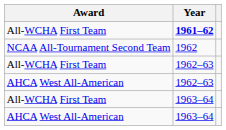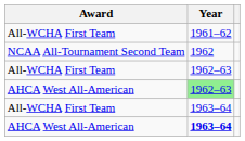 <table class="wikitable">
 <tr>
 <th>Award</th>
 <th>Year</th>
 <th></th>
 </tr>
 <tr>
 <td>All-<a href='#'>WCHA</a> <a href='#'>First Team</a></td>
-<td><strong><a href='#'>1961–62</a></strong></td>
+<td><a href='#'>1961–62</a></td>
 <td></td>
 </tr>
 <tr>
 <td><a href='#'>NCAA</a> <a href='#'>All-Tournament Second Team</a></td>
 <td><a href='#'>1962</a></td>
 <td></td>
 </tr>
 <tr>
 <td>All-<a href='#'>WCHA</a> <a href='#'>First Team</a></td>
 <td><a href='#'>1962–63</a></td>
 <td></td>
 </tr>
 <tr>
 <td><a href='#'>AHCA</a> <a href='#'>West All-American</a></td>
-<td><a href='#'>1962–63</a></td>
+<td style="background: lightgreen;"><a href='#'>1962–63</a></td>
 <td></td>
 </tr>
 <tr>
 <td>All-<a href='#'>WCHA</a> <a href='#'>First Team</a></td>
 <td><a href='#'>1963–64</a></td>
 <td></td>
 </tr>
 <tr>
 <td><a href='#'>AHCA</a> <a href='#'>West All-American</a></td>
-<td><a href='#'>1963–64</a></td>
+<td><strong><a href='#'>1963–64</a></strong></td>
 <td></td>
 </tr>
 </table>
